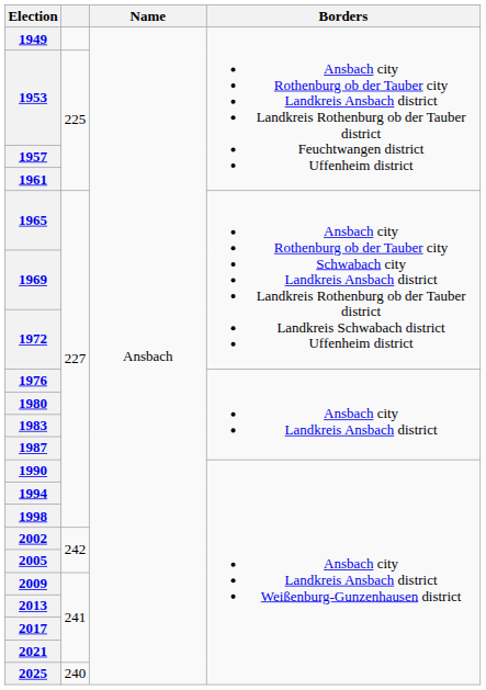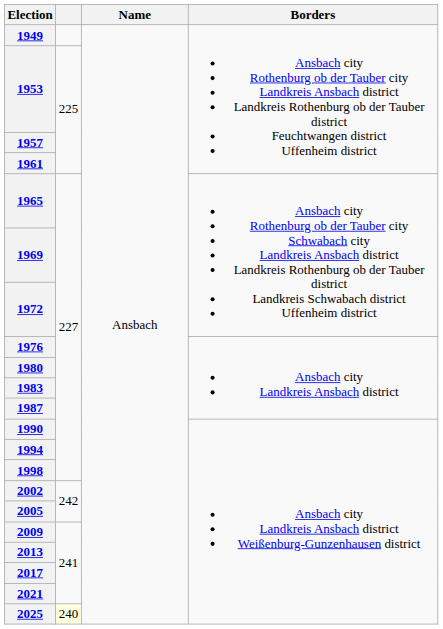 <table class=wikitable style="text-align:center">
 <tr>
 <th>Election</th>
 <th></th>
 <th width=125px>Name</th>
 <th width=300px>Borders</th>
 </tr>
 <tr>
 <th><a href='#'>1949</a></th>
 <td></td>
 <td rowspan=21>Ansbach</td>
 <td rowspan=4><br><ul><li><a href='#'>Ansbach</a> city</li><li><a href='#'>Rothenburg ob der Tauber</a> city</li><li><a href='#'>Landkreis Ansbach</a> district</li><li>Landkreis Rothenburg ob der Tauber district</li><li>Feuchtwangen district</li><li>Uffenheim district</li></ul></td>
 </tr>
 <tr>
 <th><a href='#'>1953</a></th>
 <td rowspan=3>225</td>
 </tr>
 <tr>
 <th><a href='#'>1957</a></th>
 </tr>
 <tr>
 <th><a href='#'>1961</a></th>
 </tr>
 <tr>
 <th><a href='#'>1965</a></th>
 <td rowspan=10>227</td>
 <td rowspan=3><br><ul><li><a href='#'>Ansbach</a> city</li><li><a href='#'>Rothenburg ob der Tauber</a> city</li><li><a href='#'>Schwabach</a> city</li><li><a href='#'>Landkreis Ansbach</a> district</li><li>Landkreis Rothenburg ob der Tauber district</li><li>Landkreis Schwabach district</li><li>Uffenheim district</li></ul></td>
 </tr>
 <tr>
 <th><a href='#'>1969</a></th>
 </tr>
 <tr>
 <th><a href='#'>1972</a></th>
 </tr>
 <tr>
 <th><a href='#'>1976</a></th>
 <td rowspan=4><br><ul><li><a href='#'>Ansbach</a> city</li><li><a href='#'>Landkreis Ansbach</a> district</li></ul></td>
 </tr>
 <tr>
 <th><a href='#'>1980</a></th>
 </tr>
 <tr>
 <th><a href='#'>1983</a></th>
 </tr>
 <tr>
 <th><a href='#'>1987</a></th>
 </tr>
 <tr>
 <th><a href='#'>1990</a></th>
 <td rowspan=10><br><ul><li><a href='#'>Ansbach</a> city</li><li><a href='#'>Landkreis Ansbach</a> district</li><li><a href='#'>Weißenburg-Gunzenhausen</a> district</li></ul></td>
 </tr>
 <tr>
 <th><a href='#'>1994</a></th>
 </tr>
 <tr>
 <th><a href='#'>1998</a></th>
 </tr>
 <tr>
 <th><a href='#'>2002</a></th>
 <td rowspan=2>242</td>
 </tr>
 <tr>
 <th><a href='#'>2005</a></th>
 </tr>
 <tr>
 <th><a href='#'>2009</a></th>
 <td rowspan=4>241</td>
 </tr>
 <tr>
 <th><a href='#'>2013</a></th>
 </tr>
 <tr>
 <th><a href='#'>2017</a></th>
 </tr>
 <tr>
 <th><a href='#'>2021</a></th>
 </tr>
 <tr>
 <th><a href='#'>2025</a></th>
-<td>240</td>
+<td style="background: lightyellow;">240</td>
 </tr>
 </table>
